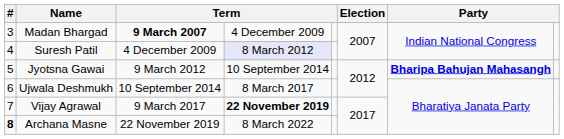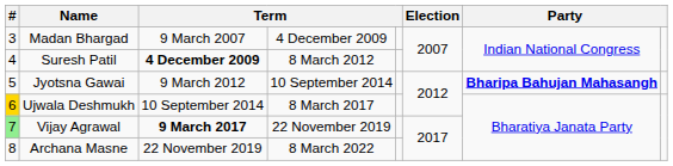 <table class="wikitable">
 <tr style="text-align:center">
 <th>#</th>
 <th>Name</th>
 <th colspan="3">Term</th>
 <th>Election</th>
 <th colspan="2">Party</th>
 </tr>
 <tr style="text-align:center">
 <td>3</td>
 <td>Madan Bhargad</td>
-<td><strong>9 March 2007</strong></td>
+<td>9 March 2007</td>
 <td>4 December 2009</td>
 <td></td>
 <td rowspan=2>2007</td>
 <td rowspan=2><a href='#'>Indian National Congress</a></td>
 <td rowspan=2></td>
 </tr>
 <tr style="text-align:center">
 <td>4</td>
 <td>Suresh Patil</td>
-<td>4 December 2009</td>
-<td style="background: lavender;">8 March 2012</td>
+<td><strong>4 December 2009</strong></td>
+<td>8 March 2012</td>
 <td></td>
 </tr>
 <tr style="text-align:center">
 <td>5</td>
 <td>Jyotsna Gawai</td>
 <td>9 March 2012</td>
 <td>10 September 2014</td>
 <td></td>
 <td rowspan=2>2012</td>
 <td><strong><a href='#'>Bharipa Bahujan Mahasangh</a></strong></td>
 <td></td>
 </tr>
 <tr style="text-align:center">
-<td>6</td>
+<td style="background: gold;">6</td>
 <td>Ujwala Deshmukh</td>
 <td>10 September 2014</td>
 <td>8 March 2017</td>
 <td></td>
 <td rowspan=3><a href='#'>Bharatiya Janata Party</a></td>
 <td rowspan=3></td>
 </tr>
 <tr style="text-align:center">
-<td>7</td>
+<td style="background: lightgreen;">7</td>
 <td>Vijay Agrawal</td>
-<td>9 March 2017</td>
-<td><strong>22 November 2019</strong></td>
+<td><strong>9 March 2017</strong></td>
+<td>22 November 2019</td>
 <td></td>
 <td rowspan=2>2017</td>
 </tr>
 <tr style="text-align:center">
-<td><strong>8</strong></td>
+<td>8</td>
 <td>Archana Masne</td>
 <td>22 November 2019</td>
 <td>8 March 2022</td>
 <td></td>
 </tr>
 </table>
